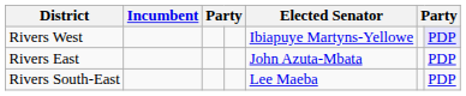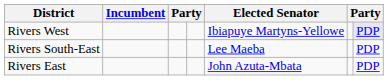 <table class="sortable wikitable" style="font-size:95%;line-height:14px;">
 <tr>
 <th class="unsortable">District</th>
 <th class="unsortable"><a href='#'>Incumbent</a></th>
 <th colspan="2">Party</th>
 <th class="unsortable">Elected Senator</th>
 <th colspan="2">Party</th>
 </tr>
 <tr>
 <td>Rivers West</td>
 <td></td>
 <td></td>
 <td></td>
 <td><a href='#'>Ibiapuye Martyns-Yellowe</a></td>
 <td style="background:"></td>
 <td style="background: lavender;"><a href='#'>PDP</a></td>
 </tr>
 <tr>
+<td>Rivers South-East</td>
+<td></td>
+<td></td>
+<td></td>
+<td><a href='#'>Lee Maeba</a></td>
+<td style="background:"></td>
+<td><a href='#'>PDP</a></td>
+</tr>
+<tr>
 <td>Rivers East</td>
 <td></td>
 <td></td>
 <td></td>
 <td><a href='#'>John Azuta-Mbata</a></td>
 <td style="background:"></td>
 <td><a href='#'>PDP</a></td>
 </tr>
-<tr>
-<td>Rivers South-East</td>
-<td></td>
-<td></td>
-<td></td>
-<td><a href='#'>Lee Maeba</a></td>
-<td style="background:"></td>
-<td><a href='#'>PDP</a></td>
-</tr>
 </table>
